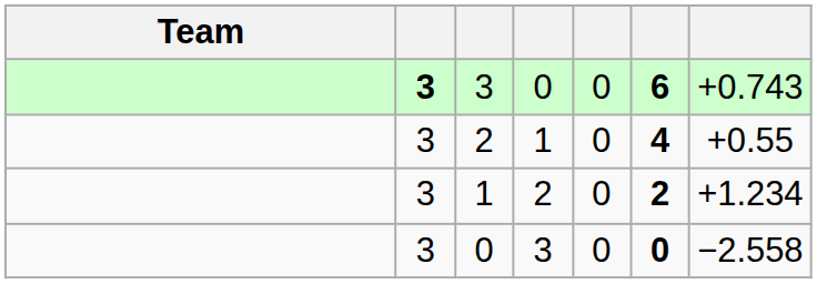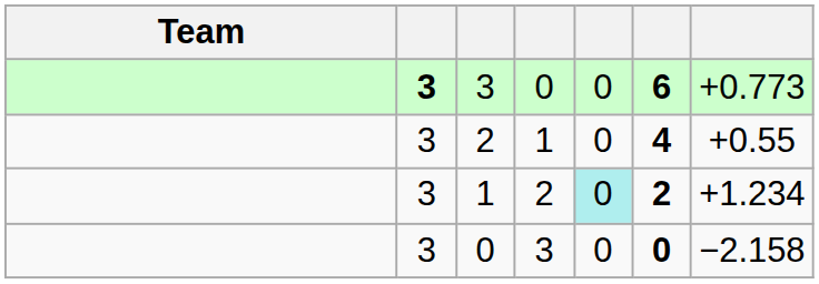 <table class="wikitable" style="text-align:center;">
 <tr>
 <th width=175>Team</th>
 <th style="width:20px;"></th>
 <th style="width:20px;"></th>
 <th style="width:20px;"></th>
 <th style="width:20px;"></th>
 <th style="width:20px;"></th>
 <th style="width:20px;"></th>
 </tr>
 <tr style="background:#cfc">
 <td align=left></td>
 <td><strong>3</strong></td>
 <td>3</td>
 <td>0</td>
 <td>0</td>
 <td><strong>6</strong></td>
-<td>+0.743</td>
+<td>+0.773</td>
 </tr>
 <tr>
 <td align=left></td>
 <td>3</td>
 <td>2</td>
 <td>1</td>
 <td>0</td>
 <td><strong>4</strong></td>
 <td>+0.55</td>
 </tr>
 <tr>
 <td align=left></td>
 <td>3</td>
 <td>1</td>
 <td>2</td>
-<td>0</td>
+<td style="background: paleturquoise;">0</td>
 <td><strong>2</strong></td>
 <td>+1.234</td>
 </tr>
 <tr>
 <td align=left></td>
 <td>3</td>
 <td>0</td>
 <td>3</td>
 <td>0</td>
 <td><strong>0</strong></td>
-<td>−2.558</td>
+<td>−2.158</td>
 </tr>
 </table>
